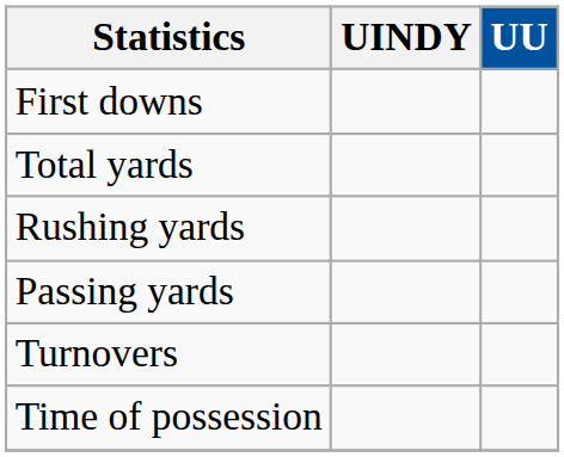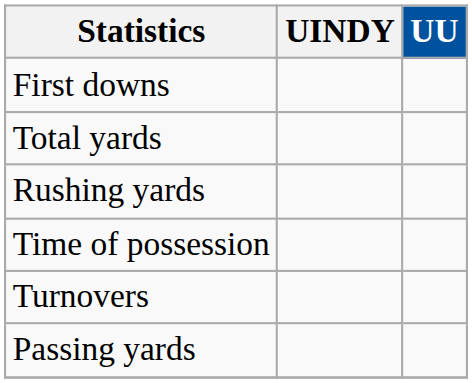 <table class="wikitable" style="float: left;">
 <tr>
 <th>Statistics</th>
 <th>UINDY</th>
 <th style="background:#00529F; color:white; ">UU</th>
 </tr>
 <tr>
 <td>First downs</td>
 <td></td>
 <td></td>
 </tr>
 <tr>
 <td>Total yards</td>
 <td></td>
 <td></td>
 </tr>
 <tr>
 <td>Rushing yards</td>
 <td></td>
 <td></td>
 </tr>
 <tr>
-<td>Passing yards</td>
+<td>Time of possession</td>
 <td></td>
 <td></td>
 </tr>
 <tr>
 <td>Turnovers</td>
 <td></td>
 <td></td>
 </tr>
 <tr>
-<td>Time of possession</td>
+<td>Passing yards</td>
 <td></td>
 <td></td>
 </tr>
 <tr>
 </tr>
 </table>
